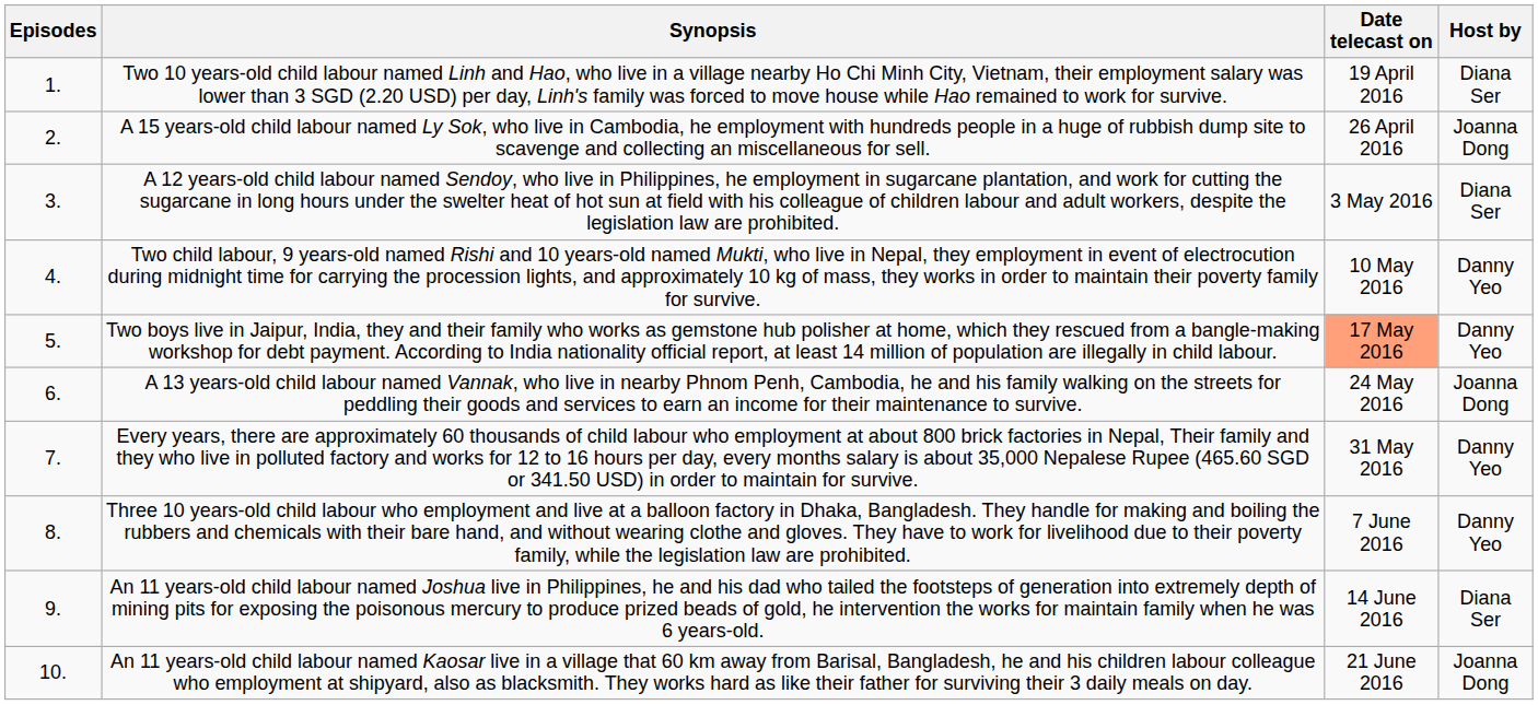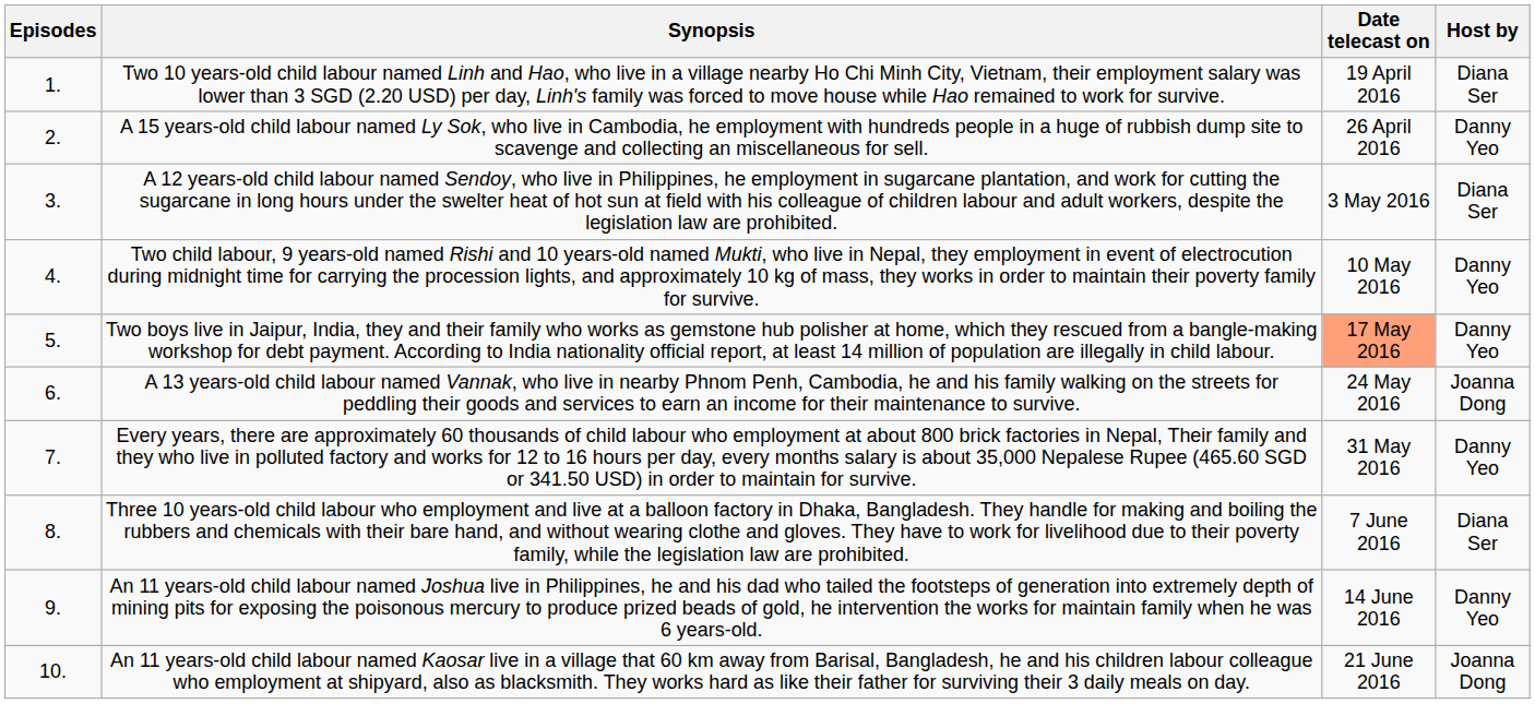 <table class="wikitable" style="text-align:center">
 <tr>
 <th>Episodes</th>
 <th>Synopsis</th>
 <th>Date telecast on</th>
 <th>Host by</th>
 </tr>
 <tr>
 <td>1.</td>
 <td>Two 10 years-old child labour named <em>Linh</em> and <em>Hao</em>, who live in a village nearby Ho Chi Minh City, Vietnam, their employment salary was lower than 3 SGD (2.20 USD) per day, <em>Linh's</em> family was forced to move house while <em>Hao</em> remained to work for survive.</td>
 <td>19 April 2016</td>
 <td>Diana Ser</td>
 </tr>
 <tr>
 <td>2.</td>
 <td>A 15 years-old child labour named <em>Ly Sok</em>, who live in Cambodia, he employment with hundreds people in a huge of rubbish dump site to scavenge and collecting an miscellaneous for sell.</td>
 <td>26 April 2016</td>
-<td>Joanna Dong</td>
+<td>Danny Yeo</td>
 </tr>
 <tr>
 <td>3.</td>
 <td>A 12 years-old child labour named <em>Sendoy</em>, who live in Philippines, he employment in sugarcane plantation, and work for cutting the sugarcane in long hours under the swelter heat of hot sun at field with his colleague of children labour and adult workers, despite the legislation law are prohibited.</td>
 <td>3 May 2016</td>
 <td>Diana Ser</td>
 </tr>
 <tr>
 <td>4.</td>
 <td>Two child labour, 9 years-old named <em>Rishi</em> and 10 years-old named <em>Mukti</em>, who live in Nepal, they employment in event of electrocution during midnight time for carrying the procession lights, and approximately 10 kg of mass, they works in order to maintain their poverty family for survive.</td>
 <td>10 May 2016</td>
 <td>Danny Yeo</td>
 </tr>
 <tr>
 <td>5.</td>
 <td>Two boys live in Jaipur, India, they and their family who works as gemstone hub polisher at home, which they rescued from a bangle-making workshop for debt payment. According to India nationality official report, at least 14 million of population are illegally in child labour.</td>
 <td style="background: lightsalmon;">17 May 2016</td>
 <td>Danny Yeo</td>
 </tr>
 <tr>
 <td>6.</td>
 <td>A 13 years-old child labour named <em>Vannak</em>, who live in nearby Phnom Penh, Cambodia, he and his family walking on the streets for peddling their goods and services to earn an income for their maintenance to survive.</td>
 <td>24 May 2016</td>
 <td>Joanna Dong</td>
 </tr>
 <tr>
 <td>7.</td>
 <td>Every years, there are approximately 60 thousands of child labour who employment at about 800 brick factories in Nepal, Their family and they who live in polluted factory and works for 12 to 16 hours per day, every months salary is about 35,000 Nepalese Rupee (465.60 SGD or 341.50 USD) in order to maintain for survive.</td>
 <td>31 May 2016</td>
 <td>Danny Yeo</td>
 </tr>
 <tr>
 <td>8.</td>
 <td>Three 10 years-old child labour who employment and live at a balloon factory in Dhaka, Bangladesh. They handle for making and boiling the rubbers and chemicals with their bare hand, and without wearing clothe and gloves. They have to work for livelihood due to their poverty family, while the legislation law are prohibited.</td>
 <td>7 June 2016</td>
-<td>Danny Yeo</td>
+<td>Diana Ser</td>
 </tr>
 <tr>
 <td>9.</td>
 <td>An 11 years-old child labour named <em>Joshua</em> live in Philippines, he and his dad who tailed the footsteps of generation into extremely depth of mining pits for exposing the poisonous mercury to produce prized beads of gold, he intervention the works for maintain family when he was 6 years-old.</td>
 <td>14 June 2016</td>
-<td>Diana Ser</td>
+<td>Danny Yeo</td>
 </tr>
 <tr>
 <td>10.</td>
 <td>An 11 years-old child labour named <em>Kaosar</em> live in a village that 60 km away from Barisal, Bangladesh, he and his children labour colleague who employment at shipyard, also as blacksmith. They works hard as like their father for surviving their 3 daily meals on day.</td>
 <td>21 June 2016</td>
 <td>Joanna Dong</td>
 </tr>
 </table>
